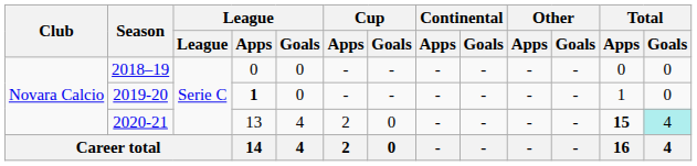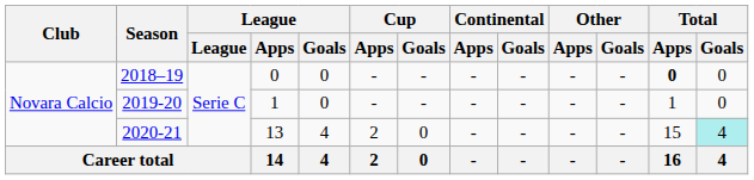 <table class="wikitable" style="text-align: center;">
 <tr>
 <th rowspan="2">Club</th>
 <th rowspan="2">Season</th>
 <th colspan="3">League</th>
 <th colspan="2">Cup</th>
 <th colspan="2">Continental</th>
 <th colspan="2">Other</th>
 <th colspan="2">Total</th>
 </tr>
 <tr>
 <th>League</th>
 <th>Apps</th>
 <th>Goals</th>
 <th>Apps</th>
 <th>Goals</th>
 <th>Apps</th>
 <th>Goals</th>
 <th>Apps</th>
 <th>Goals</th>
 <th>Apps</th>
 <th>Goals</th>
 </tr>
 <tr>
 <td rowspan="3"><a href='#'>Novara Calcio</a></td>
 <td><a href='#'>2018–19</a></td>
 <td rowspan="3"><a href='#'>Serie C</a></td>
 <td>0</td>
 <td>0</td>
 <td>-</td>
 <td>-</td>
 <td>-</td>
 <td>-</td>
 <td>-</td>
 <td>-</td>
-<td>0</td>
+<td><strong>0</strong></td>
 <td>0</td>
 </tr>
 <tr>
 <td><a href='#'>2019-20</a></td>
-<td><strong>1</strong></td>
+<td>1</td>
 <td>0</td>
 <td>-</td>
 <td>-</td>
 <td>-</td>
 <td>-</td>
 <td>-</td>
 <td>-</td>
 <td>1</td>
 <td>0</td>
 </tr>
 <tr>
 <td><a href='#'>2020-21</a></td>
 <td>13</td>
 <td>4</td>
 <td>2</td>
 <td>0</td>
 <td>-</td>
 <td>-</td>
 <td>-</td>
 <td>-</td>
-<td><strong>15</strong></td>
+<td>15</td>
 <td style="background: paleturquoise;">4</td>
 </tr>
 <tr>
 <th colspan="3">Career total</th>
 <th>14</th>
 <th>4</th>
 <th>2</th>
 <th>0</th>
 <th>-</th>
 <th>-</th>
 <th>-</th>
 <th>-</th>
 <th>16</th>
 <th>4</th>
 </tr>
 </table>
